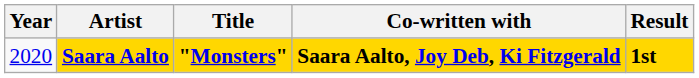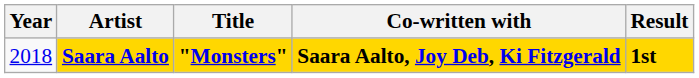 <table class="wikitable plainrowheaders">
 <tr>
 <th scope="col">Year</th>
 <th scope="col">Artist</th>
 <th scope="col">Title</th>
 <th scope="col">Co-written with</th>
 <th scope="col">Result</th>
 </tr>
 <tr>
-<td><a href='#'>2020</a></td>
+<td><a href='#'>2018</a></td>
 <td bgcolor="gold" style="font-weight:bold;"><a href='#'>Saara Aalto</a></td>
 <td bgcolor="gold" style="font-weight:bold;">"<a href='#'>Monsters</a>"</td>
 <td bgcolor="gold" style="font-weight:bold;">Saara Aalto, <a href='#'>Joy Deb</a>, <a href='#'>Ki Fitzgerald</a></td>
 <td bgcolor="gold" style="font-weight:bold;">1st</td>
 </tr>
 </table>
